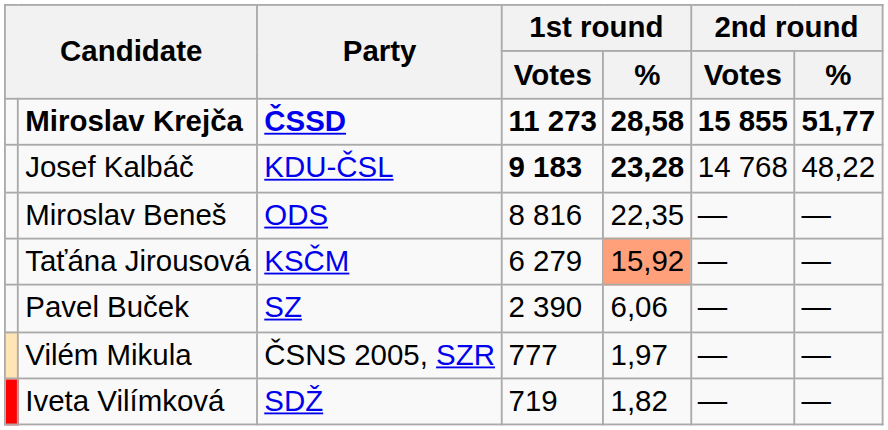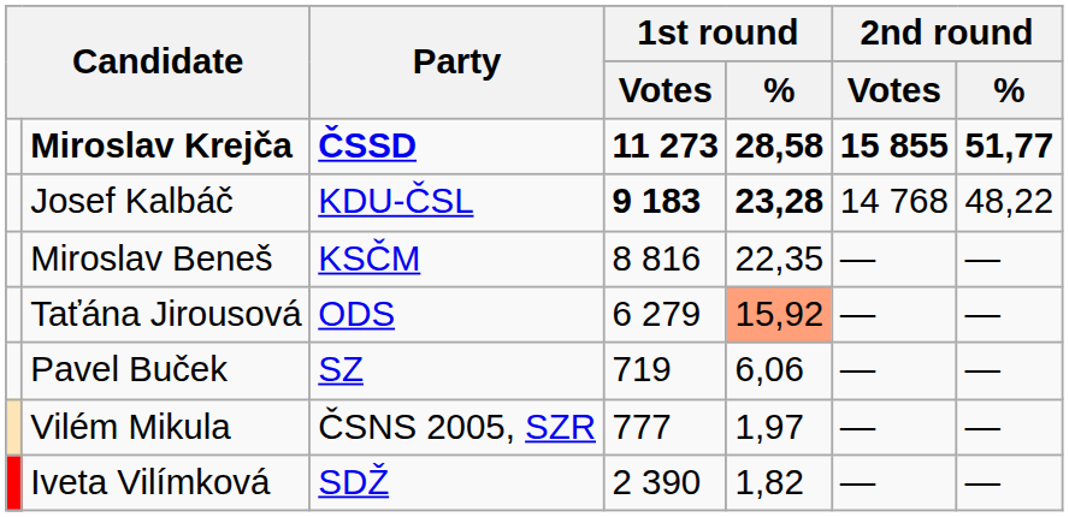 <table class="wikitable sortable">
 <tr>
 <th colspan="2" rowspan="2">Candidate</th>
 <th rowspan="2">Party</th>
 <th colspan="2">1st round</th>
 <th colspan="2">2nd round</th>
 </tr>
 <tr>
 <th>Votes</th>
 <th>%</th>
 <th>Votes</th>
 <th>%</th>
 </tr>
 <tr>
 <td style="background-color:"></td>
 <td><strong>Miroslav Krejča</strong></td>
 <td><a href='#'><strong>ČSSD</strong></a></td>
 <td><strong>11 273</strong></td>
 <td><strong>28,58</strong></td>
 <td><strong>15 855</strong></td>
 <td><strong>51,77</strong></td>
 </tr>
 <tr>
 <td style="background-color:"></td>
 <td>Josef Kalbáč</td>
 <td><a href='#'>KDU-ČSL</a></td>
 <td><strong>9 183</strong></td>
 <td><strong>23,28</strong></td>
 <td>14 768</td>
 <td>48,22</td>
 </tr>
 <tr>
 <td style="background-color:"></td>
 <td>Miroslav Beneš</td>
-<td><a href='#'>ODS</a></td>
+<td><a href='#'>KSČM</a></td>
 <td>8 816</td>
 <td>22,35</td>
 <td>—</td>
 <td>—</td>
 </tr>
 <tr>
 <td style="background-color:"></td>
 <td>Taťána Jirousová</td>
-<td><a href='#'>KSČM</a></td>
+<td><a href='#'>ODS</a></td>
 <td>6 279</td>
 <td style="background: lightsalmon;">15,92</td>
 <td>—</td>
 <td>—</td>
 </tr>
 <tr>
 <td style="background-color:"></td>
 <td>Pavel Buček</td>
 <td><a href='#'>SZ</a></td>
-<td>2 390</td>
+<td>719</td>
 <td>6,06</td>
 <td>—</td>
 <td>—</td>
 </tr>
 <tr>
 <td style="background-color: Moccasin;"></td>
 <td>Vilém Mikula</td>
 <td>ČSNS 2005, <a href='#'>SZR</a></td>
 <td>777</td>
 <td>1,97</td>
 <td>—</td>
 <td>—</td>
 </tr>
 <tr>
 <td style="background-color:red;"></td>
 <td>Iveta Vilímková</td>
 <td><a href='#'>SDŽ</a></td>
-<td>719</td>
+<td>2 390</td>
 <td>1,82</td>
 <td>—</td>
 <td>—</td>
 </tr>
 </table>
